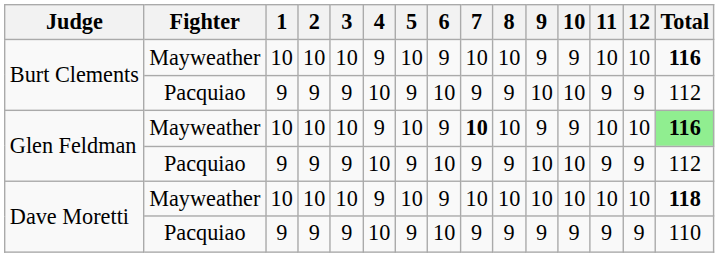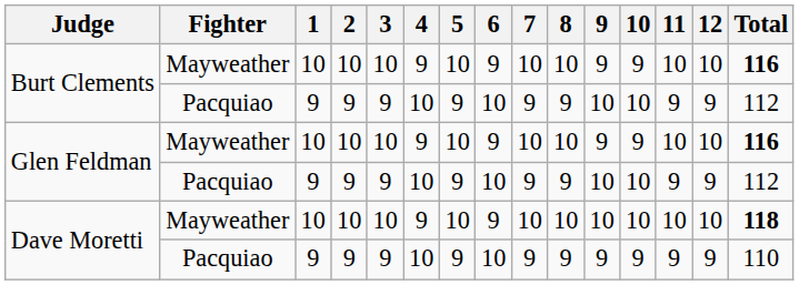 <table class="wikitable" style="text-align:center">
 <tr>
 <th align="left">Judge</th>
 <th>Fighter</th>
 <th> 1 </th>
 <th> 2 </th>
 <th> 3 </th>
 <th> 4 </th>
 <th> 5 </th>
 <th> 6 </th>
 <th> 7 </th>
 <th> 8 </th>
 <th> 9 </th>
 <th>10</th>
 <th>11</th>
 <th>12</th>
 <th>Total</th>
 </tr>
 <tr>
 <td rowspan="2" align="left">Burt Clements</td>
 <td>Mayweather</td>
 <td>10</td>
 <td>10</td>
 <td>10</td>
 <td>9</td>
 <td>10</td>
 <td>9</td>
 <td>10</td>
 <td>10</td>
 <td>9</td>
 <td>9</td>
 <td>10</td>
 <td>10</td>
 <td><strong>116</strong></td>
 </tr>
 <tr>
 <td>Pacquiao</td>
 <td>9</td>
 <td>9</td>
 <td>9</td>
 <td>10</td>
 <td>9</td>
 <td>10</td>
 <td>9</td>
 <td>9</td>
 <td>10</td>
 <td>10</td>
 <td>9</td>
 <td>9</td>
 <td>112</td>
 </tr>
 <tr>
 <td rowspan="2" align="left">Glen Feldman</td>
 <td>Mayweather</td>
 <td>10</td>
 <td>10</td>
 <td>10</td>
 <td>9</td>
 <td>10</td>
 <td>9</td>
-<td><strong>10</strong></td>
+<td>10</td>
 <td>10</td>
 <td>9</td>
 <td>9</td>
 <td>10</td>
 <td>10</td>
-<td style="background: lightgreen;"><strong>116</strong></td>
+<td><strong>116</strong></td>
 </tr>
 <tr>
 <td>Pacquiao</td>
 <td>9</td>
 <td>9</td>
 <td>9</td>
 <td>10</td>
 <td>9</td>
 <td>10</td>
 <td>9</td>
 <td>9</td>
 <td>10</td>
 <td>10</td>
 <td>9</td>
 <td>9</td>
 <td>112</td>
 </tr>
 <tr>
 <td rowspan="2" align="left">Dave Moretti</td>
 <td>Mayweather</td>
 <td>10</td>
 <td>10</td>
 <td>10</td>
 <td>9</td>
 <td>10</td>
 <td>9</td>
 <td>10</td>
 <td>10</td>
 <td>10</td>
 <td>10</td>
 <td>10</td>
 <td>10</td>
 <td><strong>118</strong></td>
 </tr>
 <tr>
 <td>Pacquiao</td>
 <td>9</td>
 <td>9</td>
 <td>9</td>
 <td>10</td>
 <td>9</td>
 <td>10</td>
 <td>9</td>
 <td>9</td>
 <td>9</td>
 <td>9</td>
 <td>9</td>
 <td>9</td>
 <td>110</td>
 </tr>
 </table>
